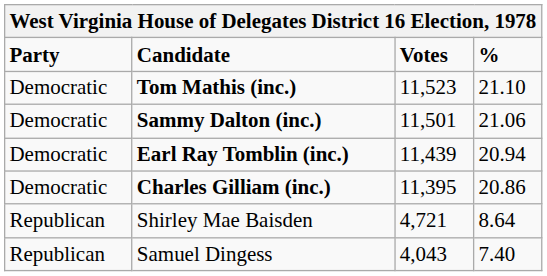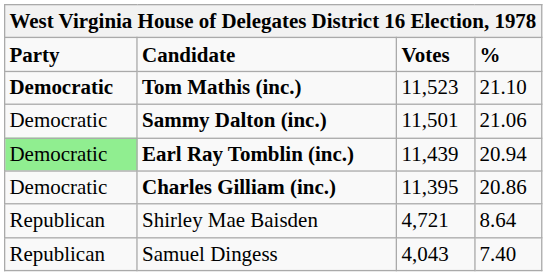 <table class="wikitable">
 <tr>
 <th colspan="4">West Virginia House of Delegates District 16 Election, 1978</th>
 </tr>
 <tr>
 <td><strong>Party</strong></td>
 <td><strong>Candidate</strong></td>
 <td><strong>Votes</strong></td>
 <td><strong>%</strong></td>
 </tr>
 <tr>
-<td>Democratic</td>
+<td><strong>Democratic</strong></td>
 <td><strong>Tom Mathis (inc.)</strong></td>
 <td>11,523</td>
 <td>21.10</td>
 </tr>
 <tr>
 <td>Democratic</td>
 <td><strong>Sammy Dalton (inc.)</strong></td>
 <td>11,501</td>
 <td>21.06</td>
 </tr>
 <tr>
-<td>Democratic</td>
+<td style="background: lightgreen;">Democratic</td>
 <td><strong>Earl Ray Tomblin (inc.)</strong></td>
 <td>11,439</td>
 <td>20.94</td>
 </tr>
 <tr>
 <td>Democratic</td>
 <td><strong>Charles Gilliam (inc.)</strong></td>
 <td>11,395</td>
 <td>20.86</td>
 </tr>
 <tr>
 <td>Republican</td>
 <td>Shirley Mae Baisden</td>
 <td>4,721</td>
 <td>8.64</td>
 </tr>
 <tr>
 <td>Republican</td>
 <td>Samuel Dingess</td>
 <td>4,043</td>
 <td>7.40</td>
 </tr>
 </table>
